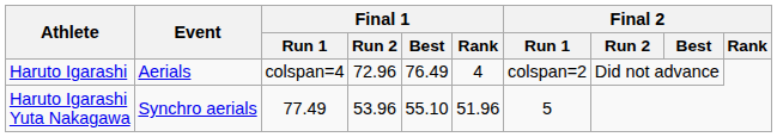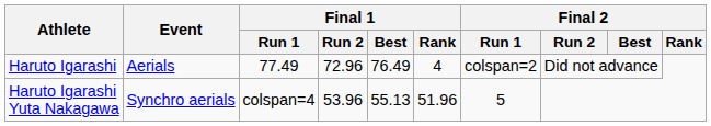 <table class=wikitable style=font-size:90%;text-align:center>
 <tr>
 <th rowspan=2>Athlete</th>
 <th rowspan=2>Event</th>
 <th colspan=4>Final 1</th>
 <th colspan=4>Final 2</th>
 </tr>
 <tr style="font-size:95%">
 <th>Run 1</th>
 <th>Run 2</th>
 <th>Best</th>
 <th>Rank</th>
 <th>Run 1</th>
 <th>Run 2</th>
 <th>Best</th>
 <th>Rank</th>
 </tr>
 <tr align=center>
 <td align=left><a href='#'>Haruto Igarashi</a></td>
 <td align=left><a href='#'>Aerials</a></td>
-<td>colspan=4 </td>
+<td>77.49</td>
 <td>72.96</td>
 <td>76.49</td>
 <td>4</td>
 <td>colspan=2 </td>
 <td colspan=2>Did not advance</td>
 </tr>
 <tr align=center>
 <td align=left><a href='#'>Haruto Igarashi</a><br><a href='#'>Yuta Nakagawa</a></td>
 <td align=left><a href='#'>Synchro aerials</a></td>
-<td>77.49</td>
+<td>colspan=4 </td>
 <td>53.96</td>
-<td>55.10</td>
+<td>55.13</td>
 <td>51.96</td>
 <td>5</td>
 </tr>
 </table>
